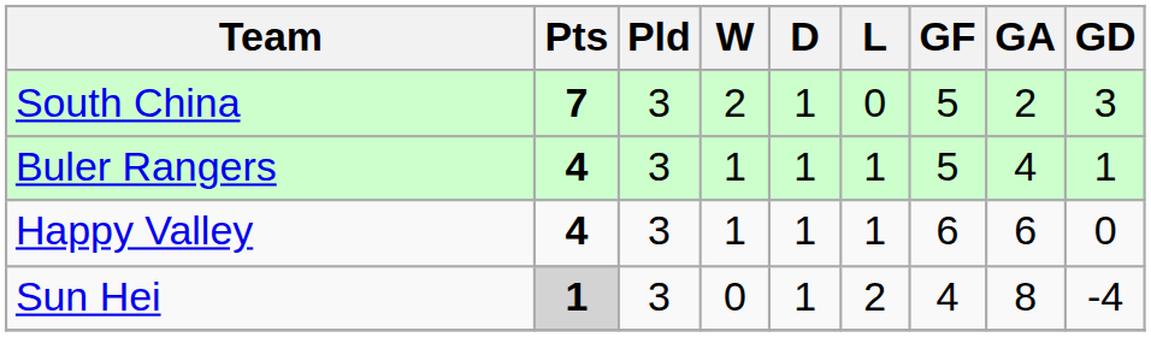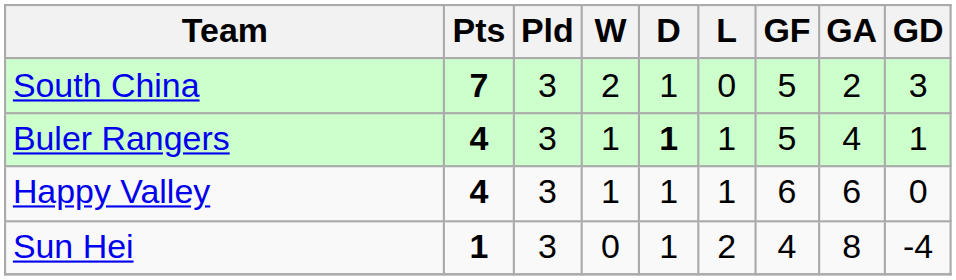 <table class="wikitable" style="text-align: center;">
 <tr>
 <th width="200">Team</th>
 <th width="20" abbr="Points">Pts</th>
 <th width="20" abbr="Played">Pld</th>
 <th width="20" abbr="Won">W</th>
 <th width="20" abbr="Drawn">D</th>
 <th width="20" abbr="Lost">L</th>
 <th width="20" abbr="Goals for">GF</th>
 <th width="20" abbr="Goals against">GA</th>
 <th width="20" abbr="Goal difference">GD</th>
 </tr>
 <tr style="background: #ccffcc;">
 <td style="text-align:left;"><a href='#'>South China</a></td>
 <td><strong>7</strong></td>
 <td>3</td>
 <td>2</td>
 <td>1</td>
 <td>0</td>
 <td>5</td>
 <td>2</td>
 <td>3</td>
 </tr>
 <tr style="background: #ccffcc;">
 <td style="text-align:left;"><a href='#'>Buler Rangers</a></td>
 <td><strong>4</strong></td>
 <td>3</td>
 <td>1</td>
-<td>1</td>
+<td><strong>1</strong></td>
 <td>1</td>
 <td>5</td>
 <td>4</td>
 <td>1</td>
 </tr>
 <tr>
 <td style="text-align:left;"><a href='#'>Happy Valley</a></td>
 <td><strong>4</strong></td>
 <td>3</td>
 <td>1</td>
 <td>1</td>
 <td>1</td>
 <td>6</td>
 <td>6</td>
 <td>0</td>
 </tr>
 <tr>
 <td style="text-align:left;"><a href='#'>Sun Hei</a></td>
-<td style="background: lightgrey;"><strong>1</strong></td>
+<td><strong>1</strong></td>
 <td>3</td>
 <td>0</td>
 <td>1</td>
 <td>2</td>
 <td>4</td>
 <td>8</td>
 <td>-4</td>
 </tr>
 <tr>
 </tr>
 </table>
